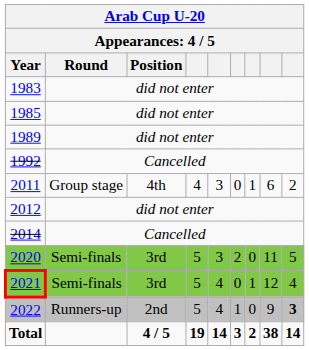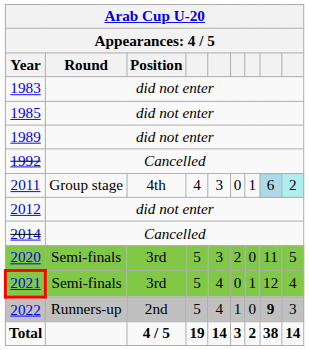 <table class="wikitable" style="text-align: center;">
 <tr>
 <th colspan=9><a href='#'>Arab Cup U-20</a></th>
 </tr>
 <tr>
 <th colspan=9>Appearances: 4 / 5</th>
 </tr>
 <tr>
 <th>Year</th>
 <th>Round</th>
 <th>Position</th>
 <th></th>
 <th></th>
 <th></th>
 <th></th>
 <th></th>
 <th></th>
 </tr>
 <tr>
 <td> <a href='#'>1983</a></td>
 <td rowspan=1 colspan=8><em>did not enter</em></td>
 </tr>
 <tr>
 <td> <a href='#'>1985</a></td>
 <td rowspan=1 colspan=8><em>did not enter</em></td>
 </tr>
 <tr>
 <td> <a href='#'>1989</a></td>
 <td rowspan=1 colspan=8><em>did not enter</em></td>
 </tr>
 <tr>
 <td> <s><a href='#'>1992</a></s></td>
 <td rowspan=1 colspan=8><em>Cancelled</em></td>
 </tr>
 <tr>
 <td> <a href='#'>2011</a></td>
 <td>Group stage</td>
 <td>4th</td>
 <td>4</td>
 <td>3</td>
 <td>0</td>
 <td>1</td>
-<td>6</td>
-<td>2</td>
+<td style="background: lightblue;">6</td>
+<td style="background: paleturquoise;">2</td>
 </tr>
 <tr>
 <td> <a href='#'>2012</a></td>
 <td rowspan=1 colspan=8><em>did not enter</em></td>
 </tr>
 <tr>
 <td> <s><a href='#'>2014</a></s></td>
 <td rowspan=1 colspan=8><em>Cancelled</em></td>
 </tr>
 <tr style="background:#81c846;">
 <td> <a href='#'>2020</a></td>
 <td>Semi-finals</td>
 <td>3rd</td>
 <td>5</td>
 <td>3</td>
 <td>2</td>
 <td>0</td>
 <td>11</td>
 <td>5</td>
 </tr>
 <tr style="background:#81c846;">
 <td style="border: 3px solid red"> <a href='#'>2021</a></td>
 <td>Semi-finals</td>
 <td>3rd</td>
 <td>5</td>
 <td>4</td>
 <td>0</td>
 <td>1</td>
 <td>12</td>
 <td>4</td>
 </tr>
 <tr bgcolor=silver>
 <td> <a href='#'>2022</a></td>
 <td>Runners-up</td>
 <td>2nd</td>
 <td>5</td>
 <td>4</td>
 <td>1</td>
 <td>0</td>
-<td>9</td>
-<td><strong>3</strong></td>
+<td><strong>9</strong></td>
+<td>3</td>
 </tr>
 <tr>
 <td><strong>Total</strong></td>
 <td></td>
 <td><strong>4 / 5</strong></td>
 <td><strong>19</strong></td>
 <td><strong>14</strong></td>
 <td><strong>3</strong></td>
 <td><strong>2</strong></td>
 <td><strong>38</strong></td>
 <td><strong>14</strong></td>
 </tr>
 </table>
